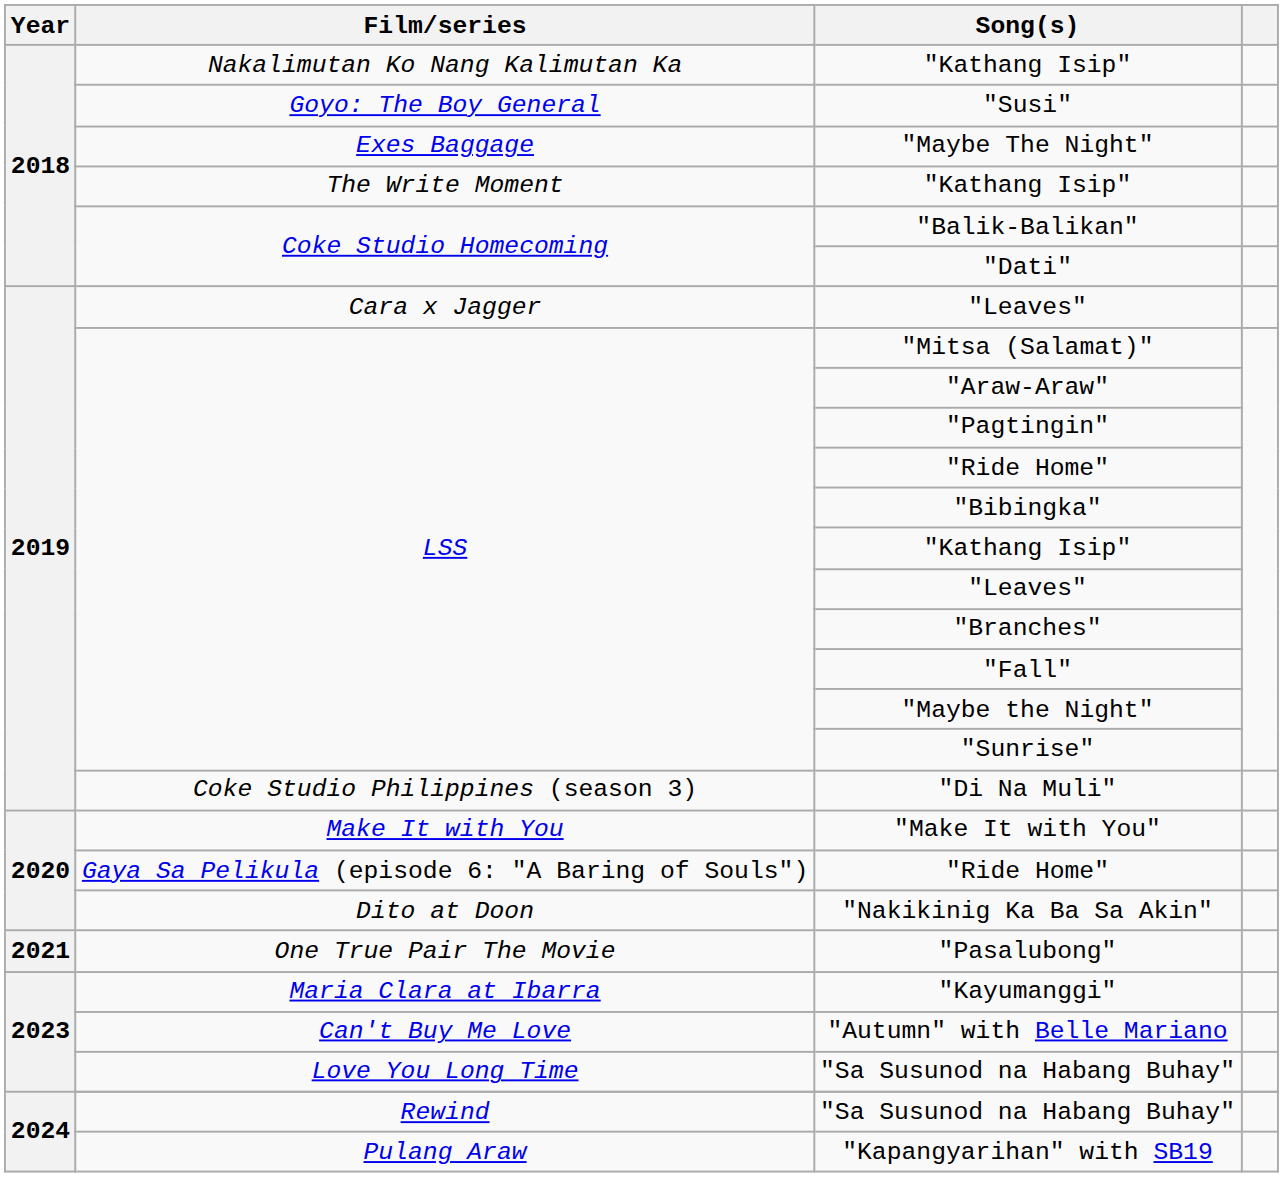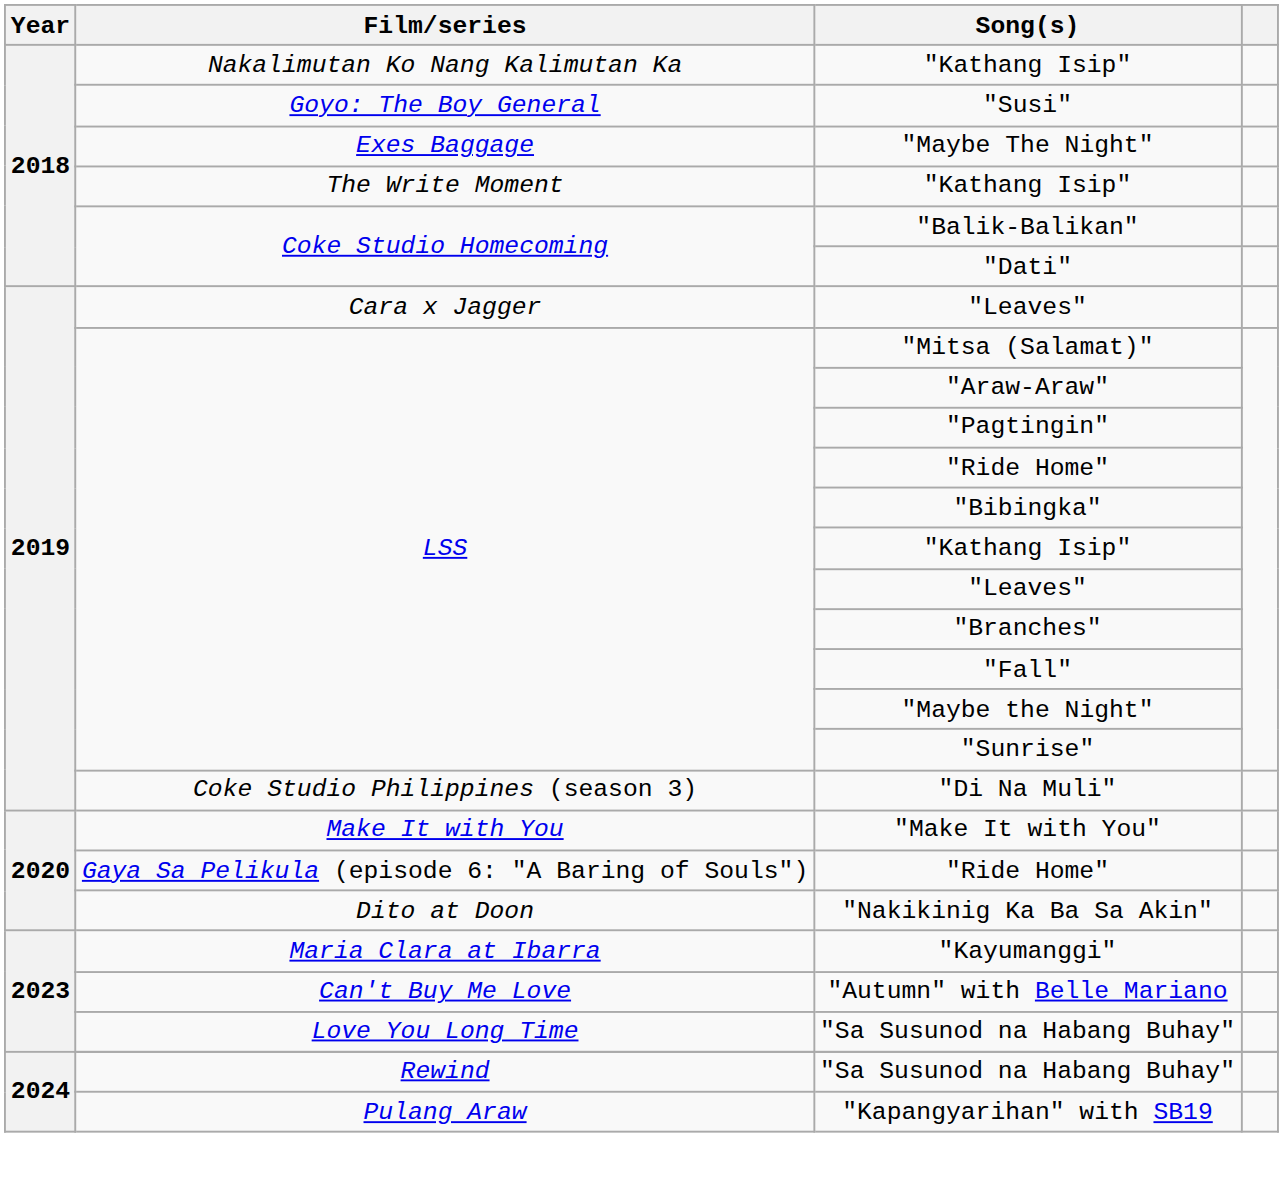 <table class="wikitable plainrowheaders" style="text-align:center; font-size:100%">
 <tr>
 <th scope="col" rowspan="1">Year</th>
 <th scope="col" rowspan="1">Film/series</th>
 <th scope="col" rowspan="1">Song(s)</th>
 <th scope="col" class="unsortable" style="width:1em;"></th>
 </tr>
 <tr>
 <th scope=row rowspan="6">2018</th>
 <td><em>Nakalimutan Ko Nang Kalimutan Ka</em></td>
 <td>"Kathang Isip"</td>
 <td></td>
 </tr>
 <tr>
 <td><em><a href='#'>Goyo: The Boy General</a></em></td>
 <td>"Susi"</td>
 <td></td>
 </tr>
 <tr>
 <td><em><a href='#'>Exes Baggage</a></em></td>
 <td>"Maybe The Night"</td>
 <td></td>
 </tr>
 <tr>
 <td><em>The Write Moment</em></td>
 <td>"Kathang Isip"</td>
 <td></td>
 </tr>
 <tr>
 <td rowspan="2"><em><a href='#'>Coke Studio Homecoming</a></em></td>
 <td>"Balik-Balikan"</td>
 <td></td>
 </tr>
 <tr>
 <td>"Dati"</td>
 <td></td>
 </tr>
 <tr>
 <th scope=row rowspan="13">2019</th>
 <td><em>Cara x Jagger</em></td>
 <td>"Leaves"</td>
 <td></td>
 </tr>
 <tr>
 <td rowspan="11"><em><a href='#'>LSS</a></em></td>
 <td>"Mitsa (Salamat)"</td>
 <td rowspan="11"></td>
 </tr>
 <tr>
 <td>"Araw-Araw"</td>
 </tr>
 <tr>
 <td>"Pagtingin"</td>
 </tr>
 <tr>
 <td>"Ride Home"</td>
 </tr>
 <tr>
 <td>"Bibingka"</td>
 </tr>
 <tr>
 <td>"Kathang Isip"</td>
 </tr>
 <tr>
 <td>"Leaves"</td>
 </tr>
 <tr>
 <td>"Branches"</td>
 </tr>
 <tr>
 <td>"Fall"</td>
 </tr>
 <tr>
 <td>"Maybe the Night"</td>
 </tr>
 <tr>
 <td>"Sunrise"</td>
 </tr>
 <tr>
 <td><em>Coke Studio Philippines</em> (season 3)</td>
 <td>"Di Na Muli"</td>
 <td></td>
 </tr>
 <tr>
 <th scope=row rowspan="3">2020</th>
 <td><em><a href='#'>Make It with You</a></em></td>
 <td>"Make It with You"</td>
 <td></td>
 </tr>
 <tr>
 <td><em><a href='#'>Gaya Sa Pelikula</a></em> (episode 6: "A Baring of Souls")</td>
 <td>"Ride Home"</td>
 <td></td>
 </tr>
 <tr>
 <td><em>Dito at Doon</em></td>
 <td>"Nakikinig Ka Ba Sa Akin"</td>
 <td></td>
 </tr>
 <tr>
-<th scope=row rowspan="1">2021</th>
-<td><em>One True Pair The Movie</em></td>
-<td>"Pasalubong"</td>
-<td></td>
-</tr>
-<tr>
 <th scope="row" rowspan="3">2023</th>
 <td><em><a href='#'>Maria Clara at Ibarra</a></em></td>
 <td>"Kayumanggi"</td>
 <td></td>
 </tr>
 <tr>
 <td><em><a href='#'>Can't Buy Me Love</a></em></td>
 <td>"Autumn" with <a href='#'>Belle Mariano</a></td>
 <td></td>
 </tr>
 <tr>
 <td><em><a href='#'>Love You Long Time</a></em></td>
 <td rowspan="1">"Sa Susunod na Habang Buhay"</td>
 <td></td>
 </tr>
 <tr>
 <th scope="row" rowspan="4">2024</th>
 </tr>
 <tr>
 <td><em><a href='#'>Rewind</a></em></td>
 <td rowspan="1">"Sa Susunod na Habang Buhay"</td>
 <td></td>
 </tr>
 <tr>
 <td><em><a href='#'>Pulang Araw</a></em></td>
 <td rowspan="1">"Kapangyarihan" with <a href='#'>SB19</a></td>
 <td></td>
 </tr>
 </table>
